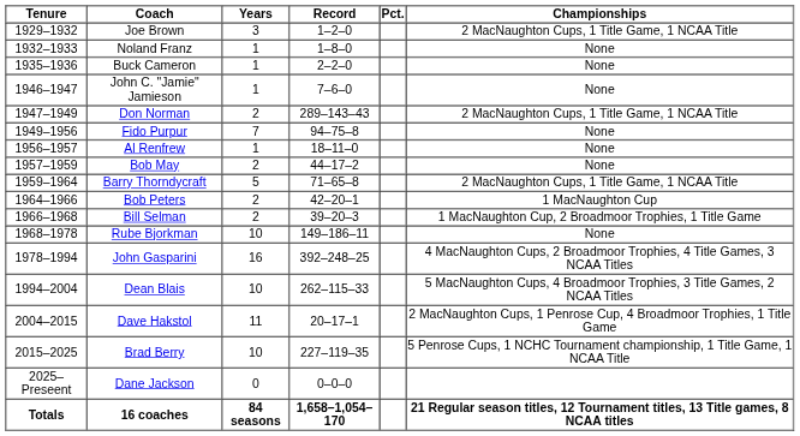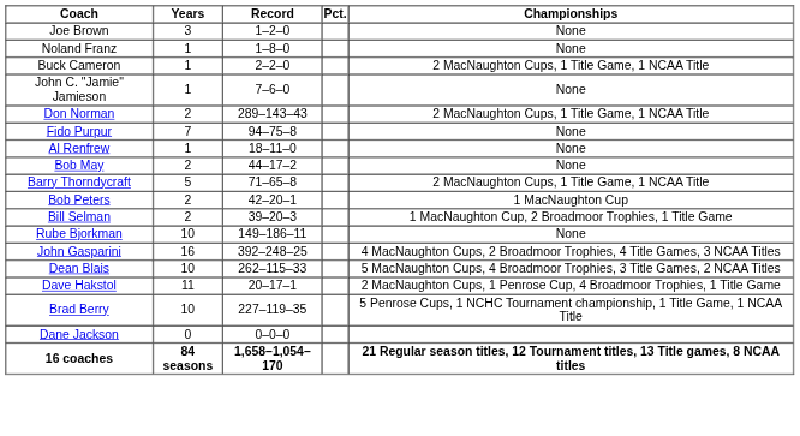 <table cellpadding="1" border="1" cellspacing="0" width="80%">
 <tr>
-<th>Tenure</th>
 <th>Coach</th>
 <th>Years</th>
 <th>Record</th>
 <th>Pct.</th>
 <th>Championships</th>
 </tr>
 <tr align="center">
-<td>1929–1932</td>
 <td>Joe Brown</td>
 <td>3</td>
 <td>1–2–0</td>
 <td></td>
-<td>2 MacNaughton Cups, 1 Title Game, 1 NCAA Title</td>
+<td>None</td>
 </tr>
 <tr align="center">
-<td>1932–1933</td>
 <td>Noland Franz</td>
 <td>1</td>
 <td>1–8–0</td>
 <td></td>
 <td>None</td>
 </tr>
 <tr align="center">
-<td>1935–1936</td>
 <td>Buck Cameron</td>
 <td>1</td>
 <td>2–2–0</td>
 <td></td>
-<td>None</td>
+<td>2 MacNaughton Cups, 1 Title Game, 1 NCAA Title</td>
 </tr>
 <tr align="center">
-<td>1946–1947</td>
 <td>John C. "Jamie" Jamieson</td>
 <td>1</td>
 <td>7–6–0</td>
 <td></td>
 <td>None</td>
 </tr>
 <tr align="center">
-<td>1947–1949</td>
 <td><a href='#'>Don Norman</a></td>
 <td>2</td>
 <td>289–143–43</td>
 <td></td>
 <td>2 MacNaughton Cups, 1 Title Game, 1 NCAA Title</td>
 </tr>
 <tr align="center">
-<td>1949–1956</td>
 <td><a href='#'>Fido Purpur</a></td>
 <td>7</td>
 <td>94–75–8</td>
 <td></td>
 <td>None</td>
 </tr>
 <tr align="center">
-<td>1956–1957</td>
 <td><a href='#'>Al Renfrew</a></td>
 <td>1</td>
 <td>18–11–0</td>
 <td></td>
 <td>None</td>
 </tr>
 <tr align="center">
-<td>1957–1959</td>
 <td><a href='#'>Bob May</a></td>
 <td>2</td>
 <td>44–17–2</td>
 <td></td>
 <td>None</td>
 </tr>
 <tr align="center">
-<td>1959–1964</td>
 <td><a href='#'>Barry Thorndycraft</a></td>
 <td>5</td>
 <td>71–65–8</td>
 <td></td>
 <td>2 MacNaughton Cups, 1 Title Game, 1 NCAA Title</td>
 </tr>
 <tr align="center">
-<td>1964–1966</td>
 <td><a href='#'>Bob Peters</a></td>
 <td>2</td>
 <td>42–20–1</td>
 <td></td>
 <td>1 MacNaughton Cup</td>
 </tr>
 <tr align="center">
-<td>1966–1968</td>
 <td><a href='#'>Bill Selman</a></td>
 <td>2</td>
 <td>39–20–3</td>
 <td></td>
 <td>1 MacNaughton Cup, 2 Broadmoor Trophies, 1 Title Game</td>
 </tr>
 <tr align="center">
-<td>1968–1978</td>
 <td><a href='#'>Rube Bjorkman</a></td>
 <td>10</td>
 <td>149–186–11</td>
 <td></td>
 <td>None</td>
 </tr>
 <tr align="center">
-<td>1978–1994</td>
 <td><a href='#'>John Gasparini</a></td>
 <td>16</td>
 <td>392–248–25</td>
 <td></td>
 <td>4 MacNaughton Cups, 2 Broadmoor Trophies, 4 Title Games, 3 NCAA Titles</td>
 </tr>
 <tr align="center">
-<td>1994–2004</td>
 <td><a href='#'>Dean Blais</a></td>
 <td>10</td>
 <td>262–115–33</td>
 <td></td>
 <td>5 MacNaughton Cups, 4 Broadmoor Trophies, 3 Title Games, 2 NCAA Titles</td>
 </tr>
 <tr align="center">
-<td>2004–2015</td>
 <td><a href='#'>Dave Hakstol</a></td>
 <td>11</td>
 <td>20–17–1</td>
 <td></td>
 <td>2 MacNaughton Cups, 1 Penrose Cup, 4 Broadmoor Trophies, 1 Title Game</td>
 </tr>
 <tr align="center">
-<td>2015–2025</td>
 <td><a href='#'>Brad Berry</a></td>
 <td>10</td>
 <td>227–119–35</td>
 <td></td>
 <td>5 Penrose Cups, 1 NCHC Tournament championship, 1 Title Game, 1 NCAA Title</td>
 </tr>
 <tr align="center">
-<td>2025–Preseent</td>
 <td><a href='#'>Dane Jackson</a></td>
 <td>0</td>
 <td>0–0–0</td>
 <td></td>
 <td></td>
 </tr>
 <tr align=center>
-<th>Totals</th>
 <th>16 coaches</th>
 <th>84 seasons</th>
 <th>1,658–1,054–170</th>
 <th></th>
 <th>21 Regular season titles, 12 Tournament titles, 13 Title games, 8 NCAA titles</th>
 </tr>
 </table>
